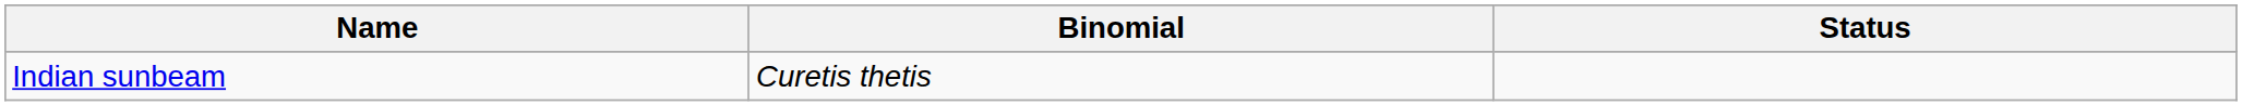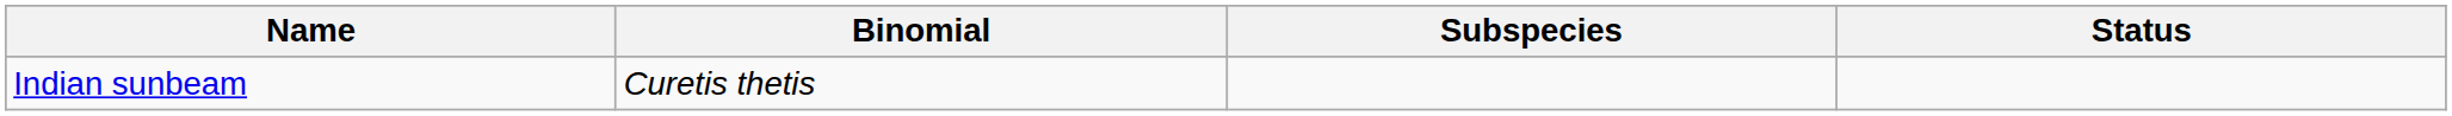 <table width=60% class="wikitable">
 <tr>
 <th width=20%>Name</th>
 <th width=20%>Binomial</th>
+<th width=20%>Subspecies</th>
 <th width=20%>Status</th>
 </tr>
 <tr>
 <td><a href='#'>Indian sunbeam</a><br>   </td>
 <td><em>Curetis thetis</em></td>
 <td></td>
+<td></td>
 </tr>
 </table>
